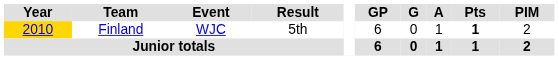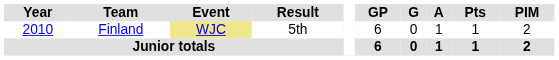 <table border="0" cellpadding="1" cellspacing="0" style="text-align:center; width:40em">
 <tr ALIGN="center" bgcolor="#e0e0e0">
 <th>Year</th>
 <th>Team</th>
 <th>Event</th>
 <th>Result</th>
 <th rowspan="99" bgcolor="#ffffff"> </th>
 <th>GP</th>
 <th>G</th>
 <th>A</th>
 <th>Pts</th>
 <th>PIM</th>
 </tr>
 <tr ALIGN="center">
-<td style="background: gold;"><a href='#'>2010</a></td>
+<td><a href='#'>2010</a></td>
 <td><a href='#'>Finland</a></td>
-<td><a href='#'>WJC</a></td>
+<td style="background: khaki;"><a href='#'>WJC</a></td>
 <td>5th</td>
 <td>6</td>
 <td>0</td>
 <td>1</td>
-<td><strong>1</strong></td>
+<td>1</td>
 <td>2</td>
 </tr>
 <tr bgcolor="#e0e0e0">
 <th colspan="4">Junior totals</th>
 <th>6</th>
 <th>0</th>
 <th>1</th>
 <th>1</th>
 <th>2</th>
 </tr>
 </table>
